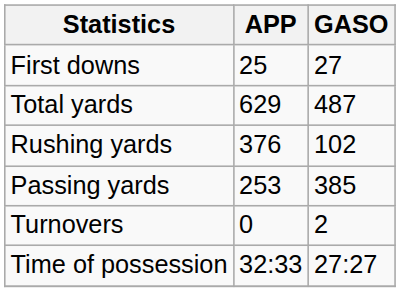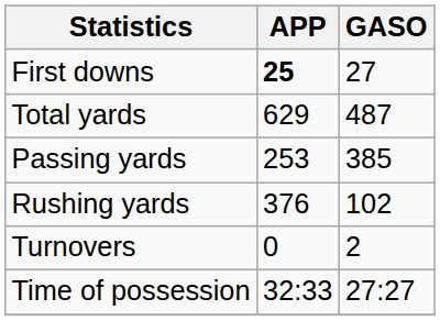 <table class="wikitable" style="float: left;">
 <tr>
 <th>Statistics</th>
 <th>APP</th>
 <th>GASO</th>
 </tr>
 <tr>
 <td>First downs</td>
-<td>25</td>
+<td><strong>25</strong></td>
 <td>27</td>
 </tr>
 <tr>
 <td>Total yards</td>
 <td>629</td>
 <td>487</td>
 </tr>
 <tr>
+<td>Passing yards</td>
+<td>253</td>
+<td>385</td>
+</tr>
+<tr>
 <td>Rushing yards</td>
 <td>376</td>
 <td>102</td>
-</tr>
-<tr>
-<td>Passing yards</td>
-<td>253</td>
-<td>385</td>
 </tr>
 <tr>
 <td>Turnovers</td>
 <td>0</td>
 <td>2</td>
 </tr>
 <tr>
 <td>Time of possession</td>
 <td>32:33</td>
 <td>27:27</td>
 </tr>
 <tr>
 </tr>
 </table>
